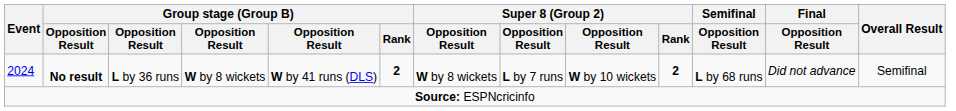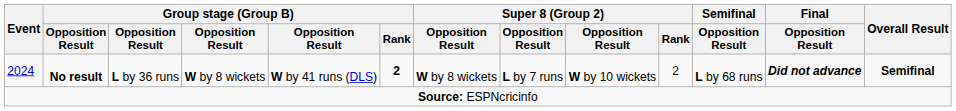 <table class=wikitable style=font-size:90%;text-align:center>
 <tr>
 <th rowspan=2>Event</th>
 <th colspan=5>Group stage (Group B)</th>
 <th colspan=4>Super 8 (Group 2)</th>
 <th>Semifinal</th>
 <th>Final</th>
 <th rowspan=2>Overall Result</th>
 </tr>
 <tr style=font-size:95%>
 <th>Opposition<br>Result</th>
 <th>Opposition<br>Result</th>
 <th>Opposition<br>Result</th>
 <th>Opposition<br>Result</th>
 <th>Rank</th>
 <th>Opposition<br>Result</th>
 <th>Opposition<br>Result</th>
 <th>Opposition<br>Result</th>
 <th>Rank</th>
 <th>Opposition<br>Result</th>
 <th>Opposition<br>Result</th>
 </tr>
 <tr>
 <td align=left><a href='#'>2024</a></td>
 <td><br><strong>No result</strong></td>
 <td><br><strong>L</strong> by 36 runs</td>
 <td><br><strong>W</strong> by 8 wickets</td>
 <td><br><strong>W</strong> by 41 runs (<a href='#'>DLS</a>)</td>
 <td><strong>2</strong></td>
 <td><br><strong>W</strong> by 8 wickets</td>
 <td><br><strong>L</strong> by 7 runs</td>
 <td><br><strong>W</strong> by 10 wickets</td>
-<td><strong>2</strong></td>
+<td>2</td>
 <td><br><strong>L</strong> by 68 runs</td>
-<td><em>Did not advance</em></td>
-<td>Semifinal</td>
+<td><strong><em>Did not advance</em></strong></td>
+<td><strong>Semifinal</strong></td>
 </tr>
 <tr>
 <td colspan="13"><strong>Source:</strong> ESPNcricinfo</td>
 </tr>
 </table>
